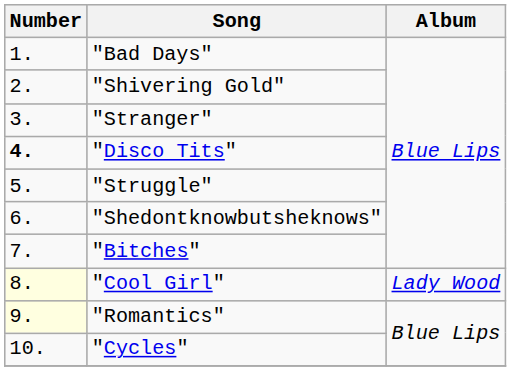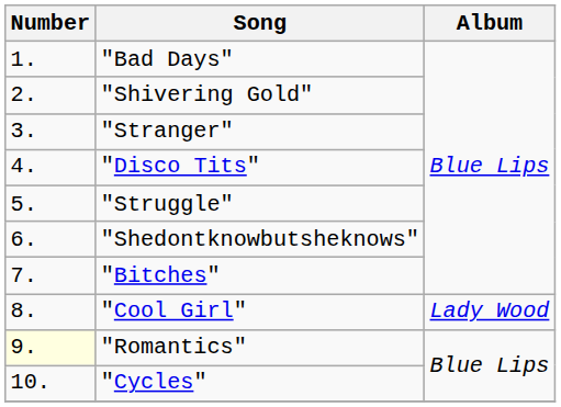 <table class="wikitable">
 <tr>
 <th>Number</th>
 <th>Song</th>
 <th>Album</th>
 </tr>
 <tr>
 <td>1.</td>
 <td>"Bad Days"</td>
 <td rowspan="7"><em><a href='#'>Blue Lips</a></em></td>
 </tr>
 <tr>
 <td>2.</td>
 <td>"Shivering Gold"</td>
 </tr>
 <tr>
 <td>3.</td>
 <td>"Stranger"</td>
 </tr>
 <tr>
-<td><strong>4.</strong></td>
+<td>4.</td>
 <td>"<a href='#'>Disco Tits</a>"</td>
 </tr>
 <tr>
 <td>5.</td>
 <td>"Struggle"</td>
 </tr>
 <tr>
 <td>6.</td>
 <td>"Shedontknowbutsheknows"</td>
 </tr>
 <tr>
 <td>7.</td>
 <td>"<a href='#'>Bitches</a>"</td>
 </tr>
 <tr>
-<td style="background: lightyellow;">8.</td>
+<td>8.</td>
 <td>"<a href='#'>Cool Girl</a>"</td>
 <td><em><a href='#'>Lady Wood</a></em></td>
 </tr>
 <tr>
 <td style="background: lightyellow;">9.</td>
 <td>"Romantics" </td>
 <td rowspan="2"><em>Blue Lips</em></td>
 </tr>
 <tr>
 <td>10.</td>
 <td>"<a href='#'>Cycles</a>"</td>
 </tr>
 <tr>
 </tr>
 </table>
